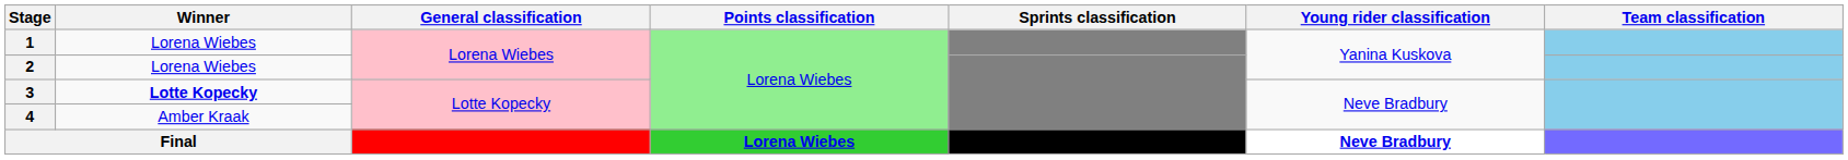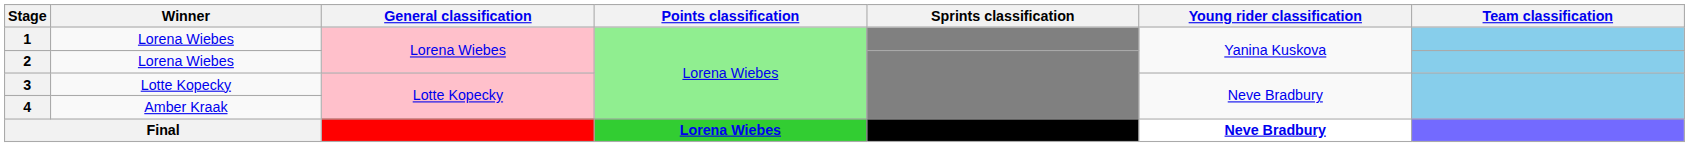 <table class="wikitable" style="text-align: center; font-size:smaller;">
 <tr style="background:#efefef;">
 <th style="width:1%;">Stage</th>
 <th style="width:16.5%;">Winner</th>
 <th style="width:16.5%;"><a href='#'>General classification</a><br></th>
 <th style="width:16.5%;"><a href='#'>Points classification</a><br></th>
 <th style="width:16.5%;">Sprints classification<br></th>
 <th style="width:16.5%;"><a href='#'>Young rider classification</a><br></th>
 <th style="width:16.5%;"><a href='#'>Team classification</a></th>
 </tr>
 <tr>
 <th>1</th>
 <td><a href='#'>Lorena Wiebes</a></td>
 <td style="background:pink;" rowspan="2"><a href='#'>Lorena Wiebes</a></td>
 <td style="background:lightgreen;" rowspan="4"><a href='#'>Lorena Wiebes</a></td>
 <td style="background:grey;"></td>
 <td style="background:offwhite;" rowspan="2"><a href='#'>Yanina Kuskova</a></td>
 <td style="background:skyblue;"></td>
 </tr>
 <tr>
 <th>2</th>
 <td><a href='#'>Lorena Wiebes</a></td>
 <td style="background:grey;" rowspan="3"></td>
 <td style="background:skyblue;"></td>
 </tr>
 <tr>
 <th>3</th>
-<td><strong><a href='#'>Lotte Kopecky</a></strong></td>
+<td><a href='#'>Lotte Kopecky</a></td>
 <td style="background:pink;" rowspan="2"><a href='#'>Lotte Kopecky</a></td>
 <td style="background:offwhite;" rowspan="2"><a href='#'>Neve Bradbury</a></td>
 <td style="background:skyblue;" rowspan="2"></td>
 </tr>
 <tr>
 <th>4</th>
 <td><a href='#'>Amber Kraak</a></td>
 </tr>
 <tr>
 <th colspan="2">Final</th>
 <th style="background:red;"></th>
 <th style="background:limegreen;"><a href='#'>Lorena Wiebes</a></th>
 <th style="background:black;"></th>
 <th style="background:white;"><a href='#'>Neve Bradbury</a></th>
 <th style="background:#736aff;"></th>
 </tr>
 </table>
